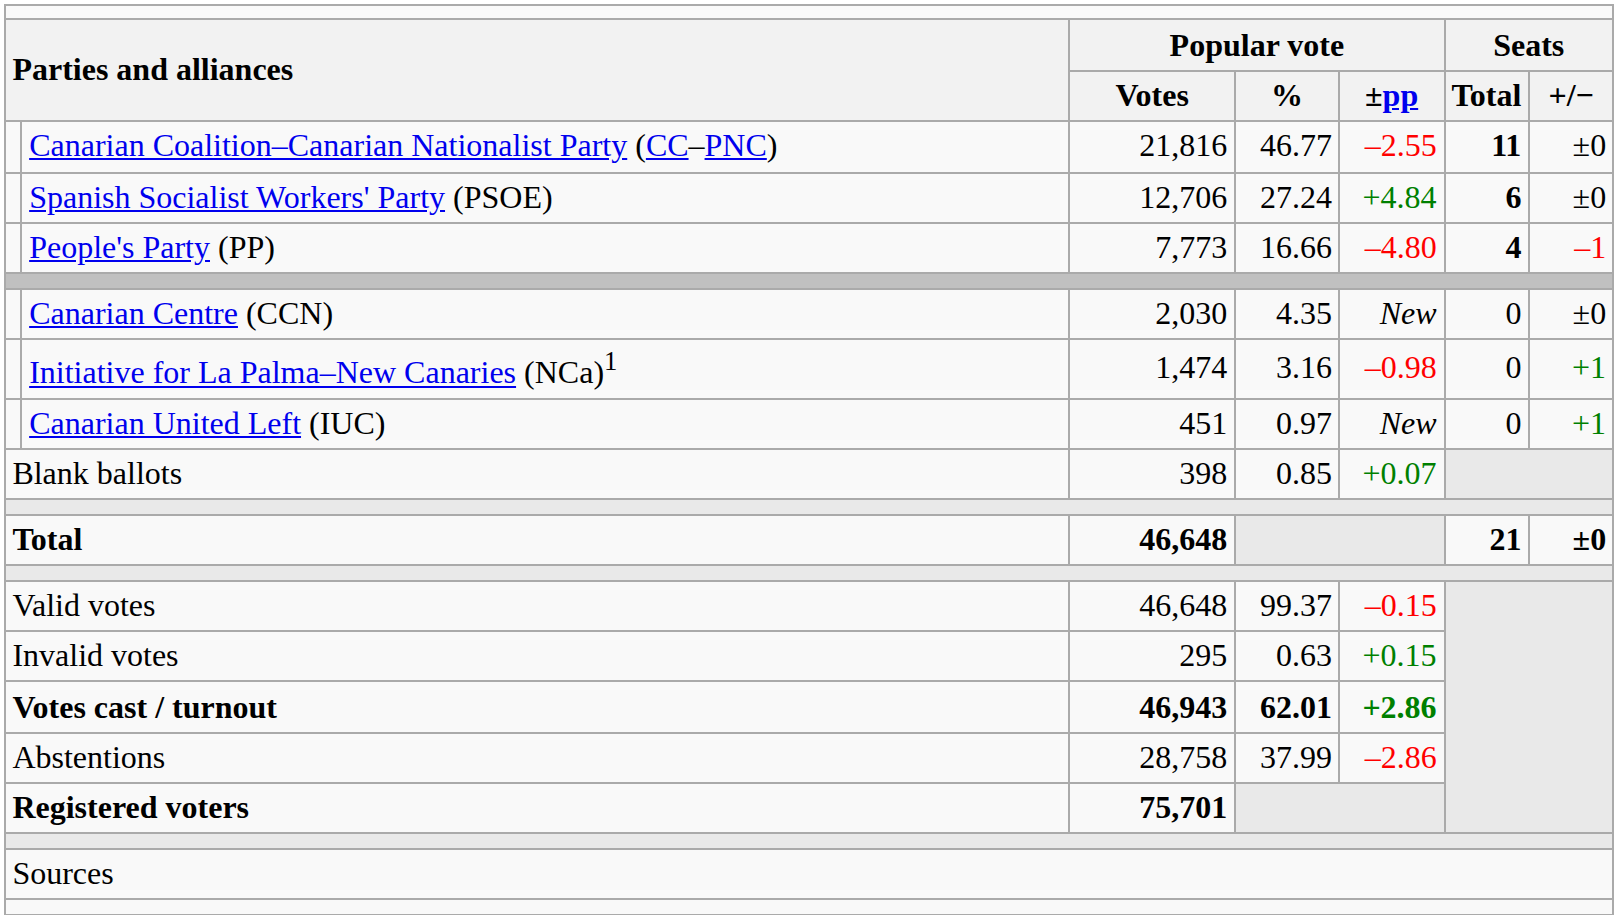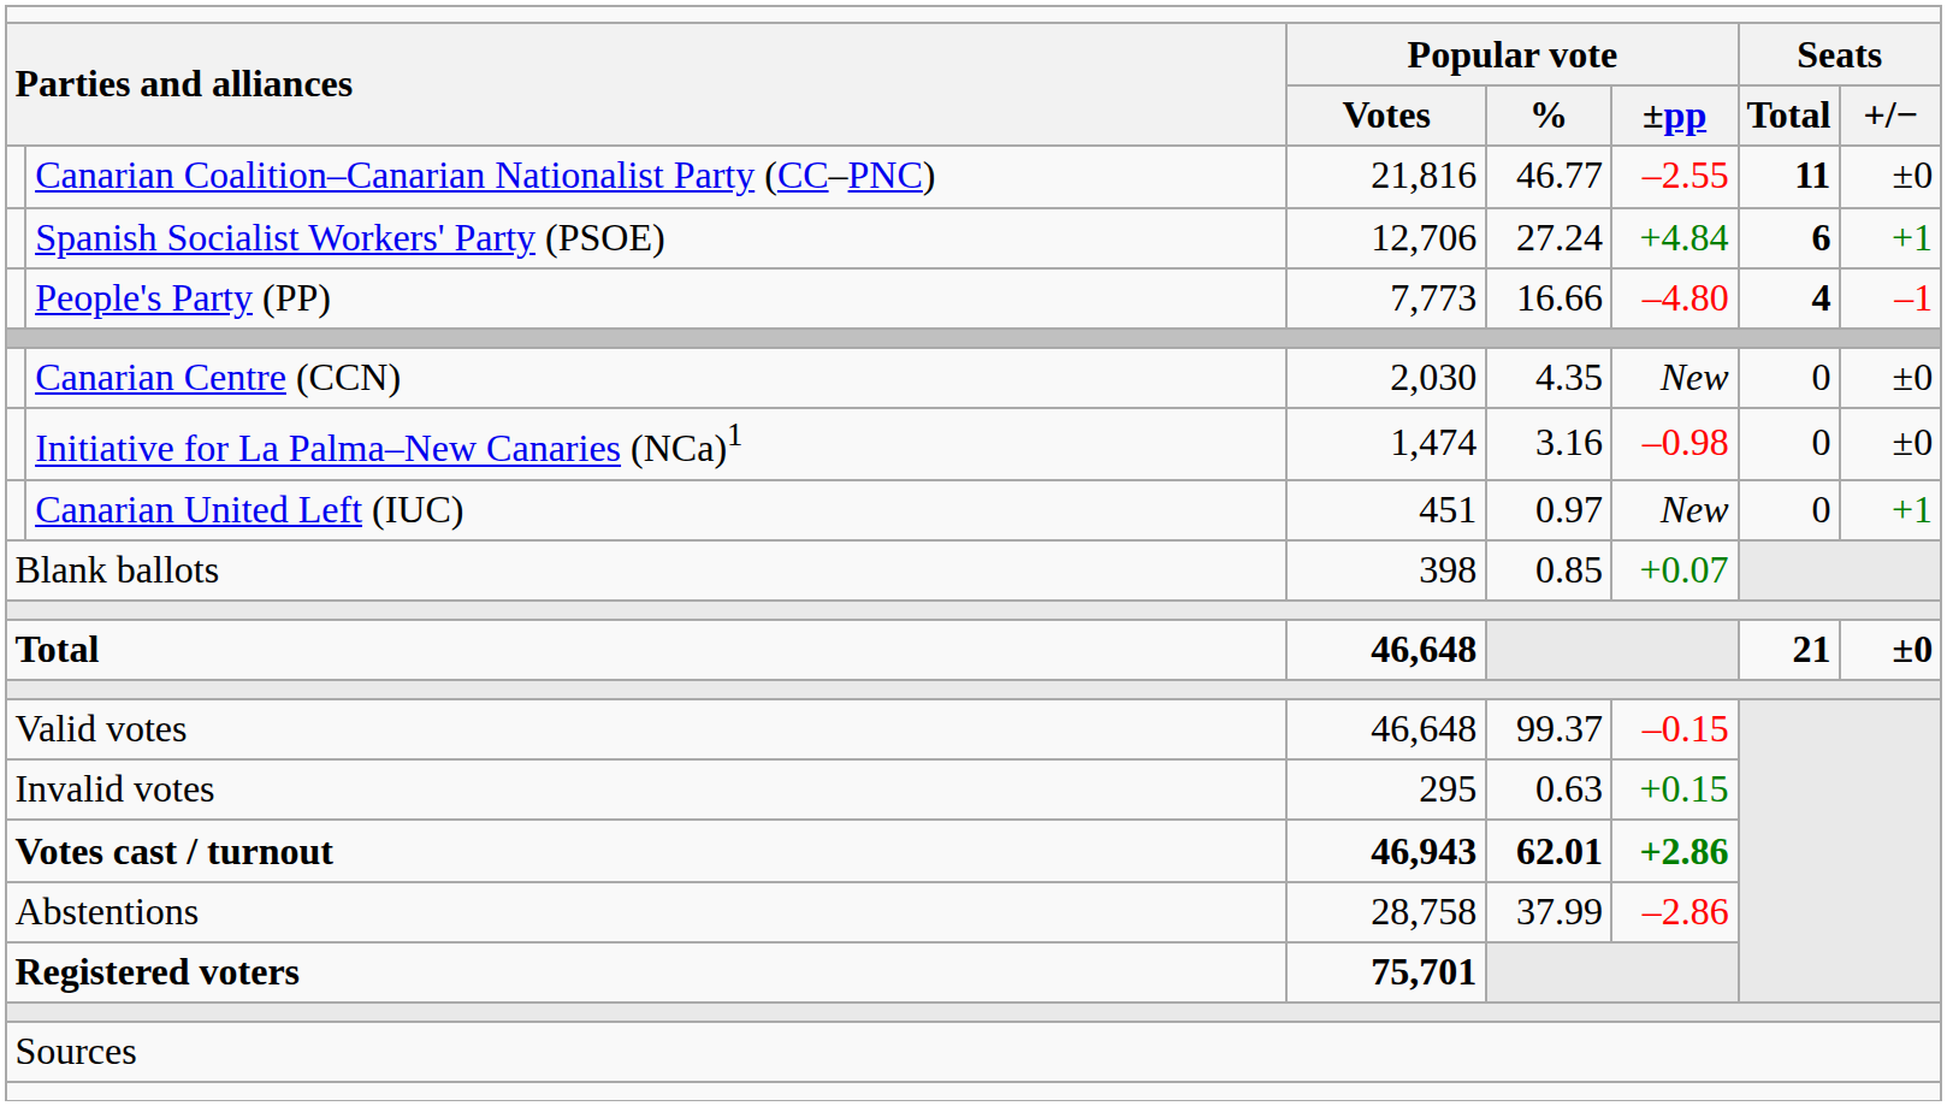 <table class="wikitable" style="text-align:right;">
 <tr>
 <td colspan="7"></td>
 </tr>
 <tr>
 <th style="text-align:left;" rowspan="2" colspan="2" width="525">Parties and alliances</th>
 <th colspan="3">Popular vote</th>
 <th colspan="2">Seats</th>
 </tr>
 <tr>
 <th width="75">Votes</th>
 <th width="45">%</th>
 <th width="45">±<a href='#'>pp</a></th>
 <th width="35">Total</th>
 <th width="35">+/−</th>
 </tr>
 <tr>
 <td width="1" style="color:inherit;background:"></td>
 <td align="left"><a href='#'>Canarian Coalition–Canarian Nationalist Party</a> (<a href='#'>CC</a>–<a href='#'>PNC</a>)</td>
 <td>21,816</td>
 <td>46.77</td>
 <td style="color:red;">–2.55</td>
 <td><strong>11</strong></td>
 <td>±0</td>
 </tr>
 <tr>
 <td style="color:inherit;background:"></td>
 <td align="left"><a href='#'>Spanish Socialist Workers' Party</a> (PSOE)</td>
 <td>12,706</td>
 <td>27.24</td>
 <td style="color:green;">+4.84</td>
 <td><strong>6</strong></td>
-<td>±0</td>
+<td style="color:green;">+1</td>
 </tr>
 <tr>
 <td style="color:inherit;background:"></td>
 <td align="left"><a href='#'>People's Party</a> (PP)</td>
 <td>7,773</td>
 <td>16.66</td>
 <td style="color:red;">–4.80</td>
 <td><strong>4</strong></td>
 <td style="color:red;">–1</td>
 </tr>
 <tr>
 <td colspan="7" bgcolor="#C0C0C0"></td>
 </tr>
 <tr>
 <td style="color:inherit;background:"></td>
 <td align="left"><a href='#'>Canarian Centre</a> (CCN)</td>
 <td>2,030</td>
 <td>4.35</td>
 <td><em>New</em></td>
 <td>0</td>
 <td>±0</td>
 </tr>
 <tr>
 <td style="color:inherit;background:"></td>
 <td align="left"><a href='#'>Initiative for La Palma–New Canaries</a> (NCa)<sup>1</sup></td>
 <td>1,474</td>
 <td>3.16</td>
 <td style="color:red;">–0.98</td>
 <td>0</td>
-<td style="color:green;">+1</td>
+<td>±0</td>
 </tr>
 <tr>
 <td style="color:inherit;background:"></td>
 <td align="left"><a href='#'>Canarian United Left</a> (IUC)</td>
 <td>451</td>
 <td>0.97</td>
 <td><em>New</em></td>
 <td>0</td>
 <td style="color:green;">+1</td>
 </tr>
 <tr>
 <td align="left" colspan="2">Blank ballots</td>
 <td>398</td>
 <td>0.85</td>
 <td style="color:green;">+0.07</td>
 <td bgcolor="#E9E9E9" colspan="2"></td>
 </tr>
 <tr>
 <td colspan="7" bgcolor="#E9E9E9"></td>
 </tr>
 <tr style="font-weight:bold;">
 <td align="left" colspan="2">Total</td>
 <td>46,648</td>
 <td bgcolor="#E9E9E9" colspan="2"></td>
 <td>21</td>
 <td>±0</td>
 </tr>
 <tr>
 <td colspan="7" bgcolor="#E9E9E9"></td>
 </tr>
 <tr>
 <td align="left" colspan="2">Valid votes</td>
 <td>46,648</td>
 <td>99.37</td>
 <td style="color:red;">–0.15</td>
 <td bgcolor="#E9E9E9" colspan="2" rowspan="5"></td>
 </tr>
 <tr>
 <td align="left" colspan="2">Invalid votes</td>
 <td>295</td>
 <td>0.63</td>
 <td style="color:green;">+0.15</td>
 </tr>
 <tr style="font-weight:bold;">
 <td align="left" colspan="2">Votes cast / turnout</td>
 <td>46,943</td>
 <td>62.01</td>
 <td style="color:green;">+2.86</td>
 </tr>
 <tr>
 <td align="left" colspan="2">Abstentions</td>
 <td>28,758</td>
 <td>37.99</td>
 <td style="color:red;">–2.86</td>
 </tr>
 <tr style="font-weight:bold;">
 <td align="left" colspan="2">Registered voters</td>
 <td>75,701</td>
 <td bgcolor="#E9E9E9" colspan="2"></td>
 </tr>
 <tr>
 <td colspan="7" bgcolor="#E9E9E9"></td>
 </tr>
 <tr>
 <td align="left" colspan="7">Sources</td>
 </tr>
 <tr>
 <td colspan="7" style="text-align:left; max-width:790px;"></td>
 </tr>
 </table>
